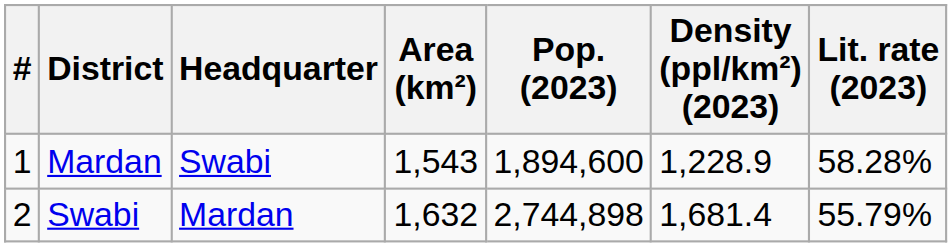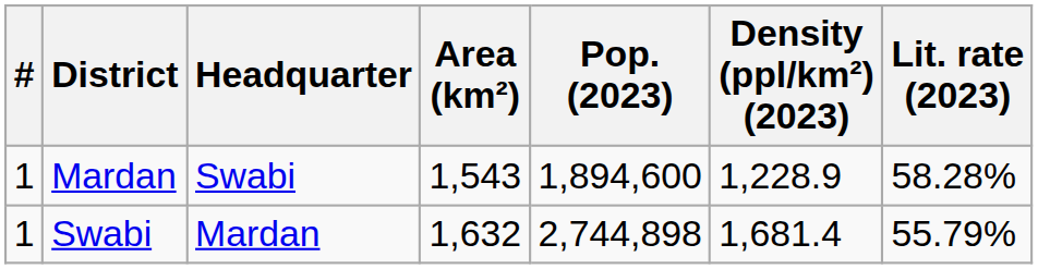 <table class="wikitable sortable">
 <tr>
 <th>#</th>
 <th>District</th>
 <th>Headquarter</th>
 <th>Area<br>(km²)</th>
 <th>Pop.<br>(2023)</th>
 <th>Density<br>(ppl/km²)<br>(2023)</th>
 <th>Lit. rate<br>(2023)</th>
 </tr>
 <tr>
 <td>1</td>
 <td><a href='#'>Mardan</a></td>
 <td><a href='#'>Swabi</a></td>
 <td>1,543</td>
 <td>1,894,600</td>
 <td>1,228.9</td>
 <td>58.28%</td>
 </tr>
 <tr>
-<td>2</td>
+<td>1</td>
 <td><a href='#'>Swabi</a></td>
 <td><a href='#'>Mardan</a></td>
 <td>1,632</td>
 <td>2,744,898</td>
 <td>1,681.4</td>
 <td>55.79%</td>
 </tr>
 </table>
